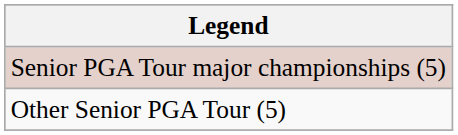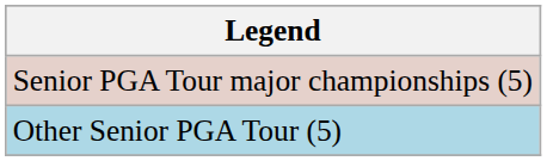 <table class="wikitable" style="font-size:95%;">
 <tr>
 <th>Legend</th>
 </tr>
 <tr style="background:#e5d1cb;">
 <td>Senior PGA Tour major championships  (5)</td>
 </tr>
 <tr>
-<td>Other Senior PGA Tour (5)</td>
+<td style="background: lightblue;">Other Senior PGA Tour (5)</td>
 </tr>
 </table>
